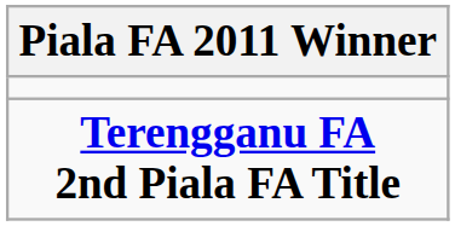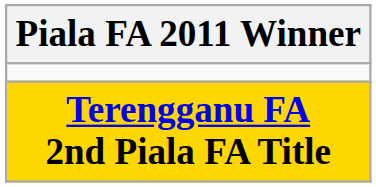 <table class="wikitable" style="text-align: center; margin: 0 auto;">
 <tr>
 <th>Piala FA 2011 Winner</th>
 </tr>
 <tr>
 <td></td>
 </tr>
 <tr>
-<td><strong><a href='#'>Terengganu FA</a></strong><br><strong>2nd Piala FA Title</strong></td>
+<td style="background: gold;"><strong><a href='#'>Terengganu FA</a></strong><br><strong>2nd Piala FA Title</strong></td>
 </tr>
 </table>
